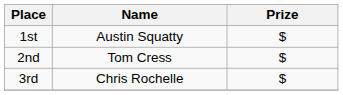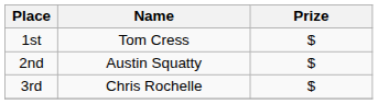 <table class="wikitable">
 <tr>
 <th width="50">Place</th>
 <th width="200">Name</th>
 <th width="125">Prize</th>
 </tr>
 <tr>
 <td align = "center">1st</td>
-<td align = "center">Austin Squatty</td>
+<td align = "center">Tom Cress</td>
 <td align = "center">$</td>
 </tr>
 <tr>
 <td align = "center">2nd</td>
-<td align = "center">Tom Cress</td>
+<td align = "center">Austin Squatty</td>
 <td align = "center">$</td>
 </tr>
 <tr>
 <td align = "center">3rd</td>
 <td align = "center">Chris Rochelle</td>
 <td align = "center">$</td>
 </tr>
 <tr>
 </tr>
 </table>
